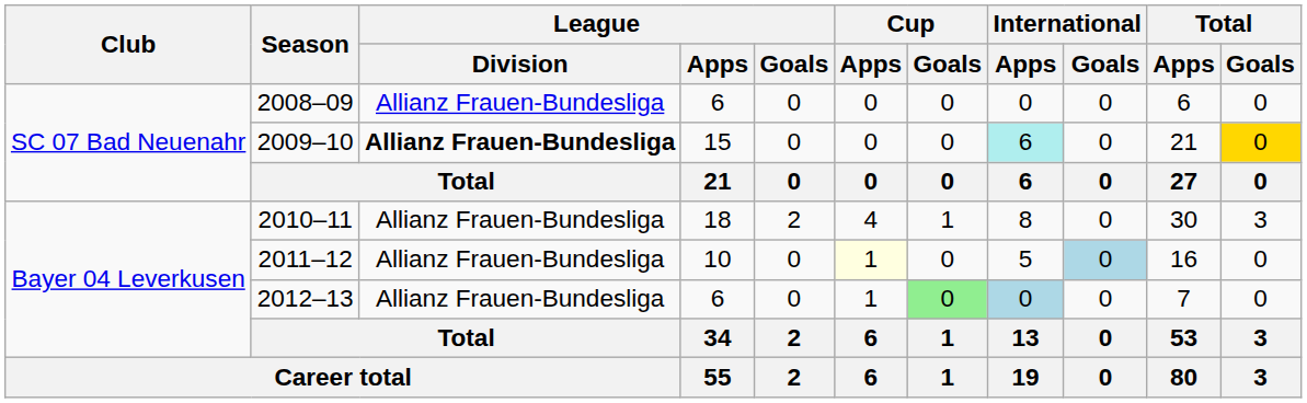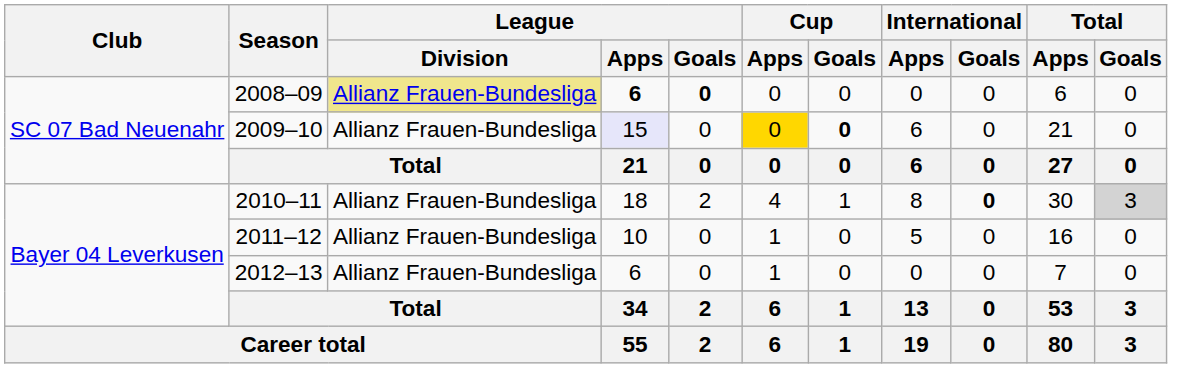 <table class="wikitable" style="text-align: center;">
 <tr>
 <th rowspan=2>Club</th>
 <th rowspan=2>Season</th>
 <th colspan=3>League</th>
 <th colspan=2>Cup</th>
 <th colspan=2>International</th>
 <th colspan=2>Total</th>
 </tr>
 <tr>
 <th>Division</th>
 <th>Apps</th>
 <th>Goals</th>
 <th>Apps</th>
 <th>Goals</th>
 <th>Apps</th>
 <th>Goals</th>
 <th>Apps</th>
 <th>Goals</th>
 </tr>
 <tr>
 <td rowspan=3><a href='#'>SC 07 Bad Neuenahr</a></td>
 <td>2008–09</td>
-<td><a href='#'>Allianz Frauen-Bundesliga</a></td>
-<td>6</td>
-<td>0</td>
+<td style="background: khaki;"><a href='#'>Allianz Frauen-Bundesliga</a></td>
+<td><strong>6</strong></td>
+<td><strong>0</strong></td>
 <td>0</td>
 <td>0</td>
 <td>0</td>
 <td>0</td>
 <td>6</td>
 <td>0</td>
 </tr>
 <tr>
 <td>2009–10</td>
-<td><strong>Allianz Frauen-Bundesliga</strong></td>
-<td>15</td>
+<td>Allianz Frauen-Bundesliga</td>
+<td style="background: lavender;">15</td>
 <td>0</td>
-<td>0</td>
-<td>0</td>
-<td style="background: paleturquoise;">6</td>
+<td style="background: gold;">0</td>
+<td><strong>0</strong></td>
+<td>6</td>
 <td>0</td>
 <td>21</td>
-<td style="background: gold;">0</td>
+<td>0</td>
 </tr>
 <tr>
 <th colspan=2>Total</th>
 <th>21</th>
 <th>0</th>
 <th>0</th>
 <th>0</th>
 <th>6</th>
 <th>0</th>
 <th>27</th>
 <th>0</th>
 </tr>
 <tr>
 <td rowspan=4><a href='#'>Bayer 04 Leverkusen</a></td>
 <td>2010–11</td>
 <td>Allianz Frauen-Bundesliga</td>
 <td>18</td>
 <td>2</td>
 <td>4</td>
 <td>1</td>
 <td>8</td>
-<td>0</td>
+<td><strong>0</strong></td>
 <td>30</td>
-<td>3</td>
+<td style="background: lightgrey;">3</td>
 </tr>
 <tr>
 <td>2011–12</td>
 <td>Allianz Frauen-Bundesliga</td>
 <td>10</td>
 <td>0</td>
-<td style="background: lightyellow;">1</td>
+<td>1</td>
 <td>0</td>
 <td>5</td>
-<td style="background: lightblue;">0</td>
+<td>0</td>
 <td>16</td>
 <td>0</td>
 </tr>
 <tr>
 <td>2012–13</td>
 <td>Allianz Frauen-Bundesliga</td>
 <td>6</td>
 <td>0</td>
 <td>1</td>
-<td style="background: lightgreen;">0</td>
-<td style="background: lightblue;">0</td>
+<td>0</td>
+<td>0</td>
 <td>0</td>
 <td>7</td>
 <td>0</td>
 </tr>
 <tr>
 <th colspan=2>Total</th>
 <th>34</th>
 <th>2</th>
 <th>6</th>
 <th>1</th>
 <th>13</th>
 <th>0</th>
 <th>53</th>
 <th>3</th>
 </tr>
 <tr>
 <th colspan=3>Career total</th>
 <th>55</th>
 <th>2</th>
 <th>6</th>
 <th>1</th>
 <th>19</th>
 <th>0</th>
 <th>80</th>
 <th>3</th>
 </tr>
 </table>
